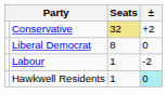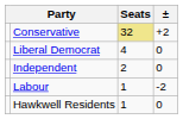 <table class="wikitable">
 <tr>
 <th colspan="2">Party</th>
 <th>Seats</th>
 <th>  ±  </th>
 </tr>
 <tr>
 <td style="background-color: "></td>
 <td><a href='#'>Conservative</a></td>
 <td style="background: khaki;">32</td>
 <td>+2</td>
 </tr>
 <tr>
 <td style="background-color: "></td>
 <td><a href='#'>Liberal Democrat</a></td>
-<td>8</td>
+<td>4</td>
+<td>0</td>
+</tr>
+<tr>
+<td style="background-color: "></td>
+<td><a href='#'>Independent</a></td>
+<td>2</td>
 <td>0</td>
 </tr>
 <tr>
 <td style="background-color: "></td>
 <td><a href='#'>Labour</a></td>
 <td>1</td>
 <td>-2</td>
 </tr>
 <tr>
 <td style="background-color: "></td>
 <td>Hawkwell Residents</td>
 <td>1</td>
-<td style="background: paleturquoise;">0</td>
+<td>0</td>
 </tr>
 </table>
